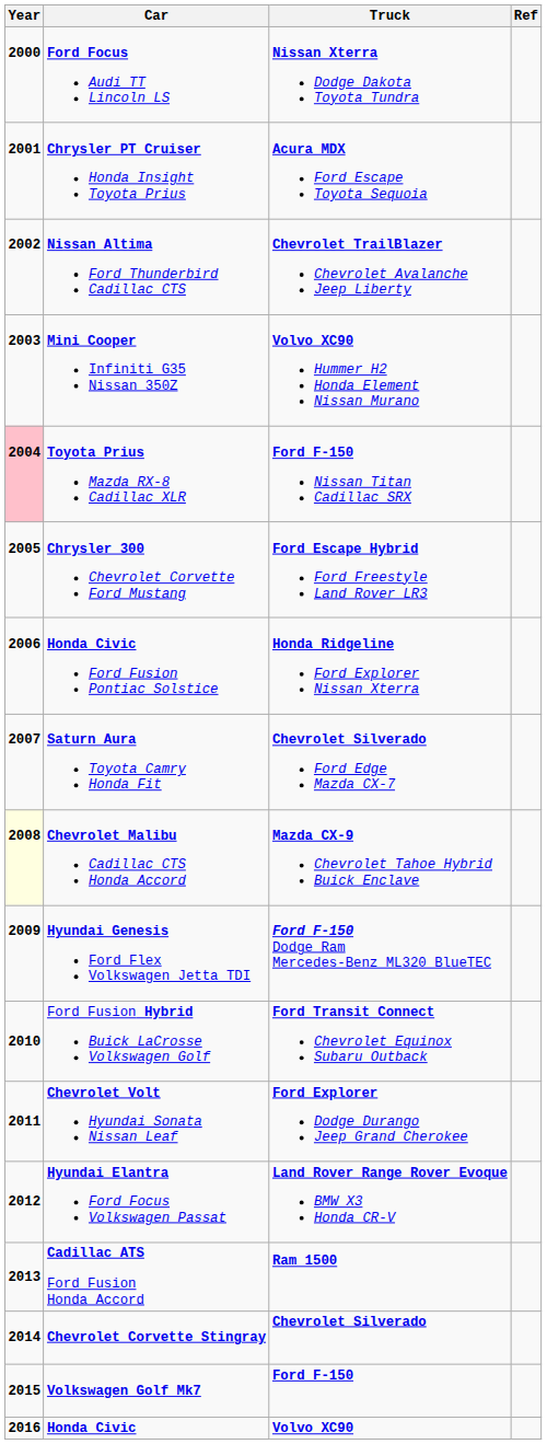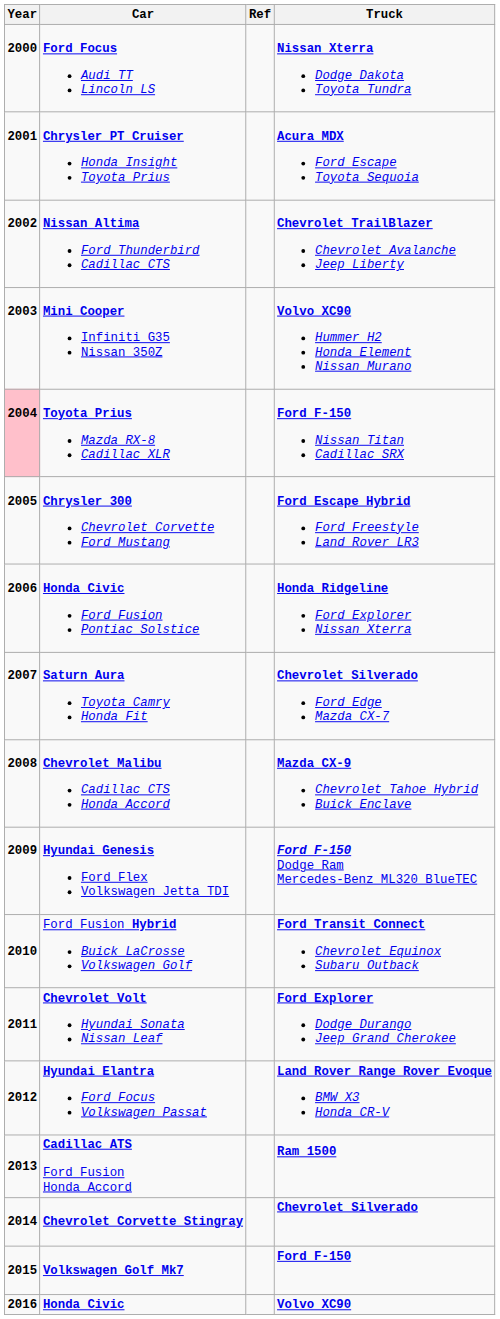 <table class="wikitable">
 <tr>
 <th>Year</th>
 <th>Car</th>
+<th>Ref</th>
 <th>Truck</th>
-<th>Ref</th>
 </tr>
 <tr valign="top">
 <td><br><strong>2000</strong></td>
 <td><br><strong><a href='#'>Ford Focus</a></strong><ul><li><em><a href='#'>Audi TT</a></em></li><li><em><a href='#'>Lincoln LS</a></em></li></ul></td>
+<td></td>
 <td><br><strong><a href='#'>Nissan Xterra</a></strong><ul><li><em><a href='#'>Dodge Dakota</a></em></li><li><em><a href='#'>Toyota Tundra</a></em></li></ul></td>
-<td></td>
 </tr>
 <tr valign="top">
 <td><br><strong>2001</strong></td>
 <td><br><strong><a href='#'>Chrysler PT Cruiser</a></strong><ul><li><em><a href='#'>Honda Insight</a></em></li><li><em><a href='#'>Toyota Prius</a></em></li></ul></td>
+<td></td>
 <td><br><strong><a href='#'>Acura MDX</a></strong><ul><li><em><a href='#'>Ford Escape</a></em></li><li><em><a href='#'>Toyota Sequoia</a></em></li></ul></td>
-<td></td>
 </tr>
 <tr valign="top">
 <td><br><strong>2002</strong></td>
 <td><br><strong><a href='#'>Nissan Altima</a></strong><ul><li><em><a href='#'>Ford Thunderbird</a></em></li><li><em><a href='#'>Cadillac CTS</a></em></li></ul></td>
+<td></td>
 <td><br><strong><a href='#'>Chevrolet TrailBlazer</a></strong><ul><li><em><a href='#'>Chevrolet Avalanche</a></em></li><li><em><a href='#'>Jeep Liberty</a></em></li></ul></td>
-<td></td>
 </tr>
 <tr valign="top">
 <td><br><strong>2003</strong></td>
 <td><br><strong><a href='#'>Mini Cooper</a></strong><ul><li><a href='#'>Infiniti G35</a></li><li><a href='#'>Nissan 350Z</a></li></ul></td>
+<td></td>
 <td><br><strong><a href='#'>Volvo XC90</a></strong><ul><li><em><a href='#'>Hummer H2</a></em></li><li><em><a href='#'>Honda Element</a></em></li><li><em><a href='#'>Nissan Murano</a></em></li></ul></td>
-<td></td>
 </tr>
 <tr valign="top">
 <td style="background: pink;"><br><strong>2004</strong></td>
 <td><br><strong><a href='#'>Toyota Prius</a></strong><ul><li><em><a href='#'>Mazda RX-8</a></em></li><li><em><a href='#'>Cadillac XLR</a></em></li></ul></td>
+<td></td>
 <td><br><strong><a href='#'>Ford F-150</a></strong><ul><li><em><a href='#'>Nissan Titan</a></em></li><li><em><a href='#'>Cadillac SRX</a></em></li></ul></td>
-<td></td>
 </tr>
 <tr valign="top">
 <td><br><strong>2005</strong></td>
 <td><br><strong><a href='#'>Chrysler 300</a></strong><ul><li><em><a href='#'>Chevrolet Corvette</a></em></li><li><em><a href='#'>Ford Mustang</a></em></li></ul></td>
+<td></td>
 <td><br><strong><a href='#'>Ford Escape Hybrid</a></strong><ul><li><a href='#'><em>Ford Freestyle</em></a></li><li><em><a href='#'>Land Rover LR3</a></em></li></ul></td>
-<td></td>
 </tr>
 <tr valign="top">
 <td><br><strong>2006</strong></td>
 <td><br><strong><a href='#'>Honda Civic</a></strong><ul><li><a href='#'><em>Ford Fusion</em></a></li><li><em><a href='#'>Pontiac Solstice</a></em></li></ul></td>
+<td></td>
 <td><br><strong><a href='#'>Honda Ridgeline</a></strong><ul><li><em><a href='#'>Ford Explorer</a></em></li><li><em><a href='#'>Nissan Xterra</a></em></li></ul></td>
-<td></td>
 </tr>
 <tr valign="top">
 <td><br><strong>2007</strong></td>
 <td><br><strong><a href='#'>Saturn Aura</a></strong><ul><li><em><a href='#'>Toyota Camry</a></em></li><li><em><a href='#'>Honda Fit</a></em></li></ul></td>
+<td></td>
 <td><br><strong><a href='#'>Chevrolet Silverado</a></strong><ul><li><em><a href='#'>Ford Edge</a></em></li><li><em><a href='#'>Mazda CX-7</a></em></li></ul></td>
-<td></td>
 </tr>
 <tr valign="top">
-<td style="background: lightyellow;"><br><strong>2008</strong></td>
+<td><br><strong>2008</strong></td>
 <td><br><strong><a href='#'>Chevrolet Malibu</a></strong><ul><li><em><a href='#'>Cadillac CTS</a></em></li><li><em><a href='#'>Honda Accord</a></em></li></ul></td>
+<td></td>
 <td><br><strong><a href='#'>Mazda CX-9</a></strong><ul><li><a href='#'><em>Chevrolet Tahoe Hybrid</em></a></li><li><em><a href='#'>Buick Enclave</a></em></li></ul></td>
-<td></td>
 </tr>
 <tr valign="top">
 <td><br><strong>2009</strong></td>
 <td><br><strong><a href='#'>Hyundai Genesis</a></strong><ul><li><a href='#'>Ford Flex</a></li><li><a href='#'>Volkswagen Jetta TDI</a></li></ul></td>
+<td></td>
 <td><br><strong><em><a href='#'>Ford F-150</a></em></strong><br> <a href='#'>Dodge Ram</a><br> <a href='#'>Mercedes-Benz ML320 BlueTEC</a><br></td>
-<td></td>
 </tr>
 <tr>
 <td><strong>2010</strong></td>
 <td><strong><a href='#'></strong>Ford Fusion<strong></a></strong><a href='#'><strong> Hybrid</strong></a><br><ul><li><em><a href='#'>Buick LaCrosse</a></em></li><li><em><a href='#'>Volkswagen Golf</a></em></li></ul></td>
+<td></td>
 <td><strong><a href='#'>Ford Transit Connect</a></strong><br><ul><li><em><a href='#'>Chevrolet Equinox</a></em></li><li><em><a href='#'>Subaru Outback</a></em></li></ul></td>
-<td></td>
 </tr>
 <tr>
 <td><strong>2011</strong></td>
 <td><strong><a href='#'>Chevrolet Volt</a></strong><br><ul><li><em><a href='#'>Hyundai Sonata</a></em></li><li><em><a href='#'>Nissan Leaf</a></em></li></ul></td>
+<td><strong></strong></td>
 <td><strong><a href='#'>Ford Explorer</a></strong><br><ul><li><em><a href='#'>Dodge Durango</a></em></li><li><em><a href='#'>Jeep Grand Cherokee</a></em></li></ul></td>
-<td><strong></strong></td>
 </tr>
 <tr>
 <td><strong>2012</strong></td>
 <td><strong><a href='#'>Hyundai Elantra</a></strong><br><ul><li><em><a href='#'>Ford Focus</a></em></li><li><em><a href='#'>Volkswagen Passat</a></em></li></ul></td>
+<td></td>
 <td><strong><a href='#'>Land Rover Range Rover Evoque</a></strong><br><ul><li><em><a href='#'>BMW X3</a></em></li><li><em><a href='#'>Honda CR-V</a></em></li></ul></td>
-<td></td>
 </tr>
 <tr>
 <td><strong>2013</strong></td>
 <td><strong><a href='#'>Cadillac ATS</a></strong><br><br><a href='#'>Ford Fusion</a><br> <a href='#'>Honda Accord</a><br></td>
+<td><strong></strong></td>
 <td><strong><a href='#'>Ram 1500</a></strong><br><br><br></td>
-<td><strong></strong></td>
 </tr>
 <tr>
 <td><strong>2014</strong></td>
 <td><strong><a href='#'>Chevrolet Corvette Stingray</a></strong><br></td>
+<td><strong></strong></td>
 <td><strong><a href='#'>Chevrolet Silverado</a></strong><br><br><br></td>
-<td><strong></strong></td>
 </tr>
 <tr>
 <td><strong>2015</strong></td>
 <td><strong><a href='#'>Volkswagen Golf Mk7</a></strong><br></td>
+<td><strong></strong></td>
 <td><strong><a href='#'>Ford F-150</a></strong><br><br><br></td>
-<td><strong></strong></td>
 </tr>
 <tr>
 <td><strong>2016</strong></td>
 <td><strong><a href='#'>Honda Civic</a></strong></td>
+<td></td>
 <td><strong><a href='#'>Volvo XC90</a></strong></td>
-<td></td>
 </tr>
 </table>
